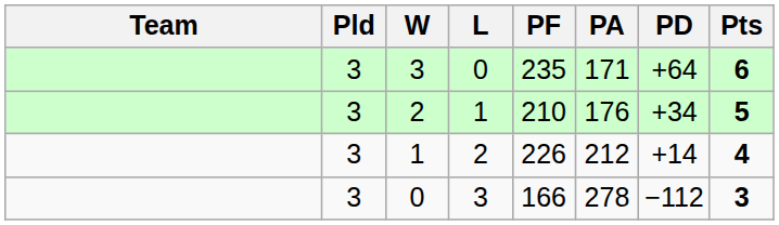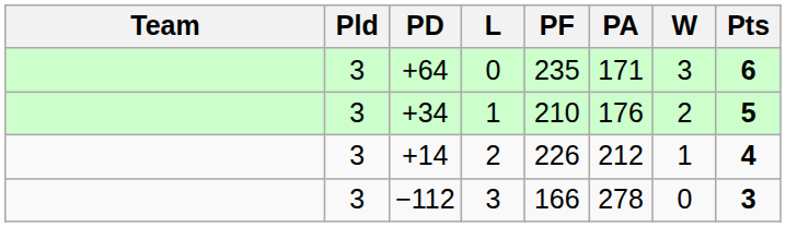 <table class=wikitable style="text-align:center">
 <tr>
 <th width=180>Team</th>
 <th width=30>Pld</th>
-<th width=30>W</th>
+<th width=30>PD</th>
 <th width=30>L</th>
 <th width=30>PF</th>
 <th width=30>PA</th>
-<th width=30>PD</th>
+<th width=30>W</th>
 <th width=30>Pts</th>
 </tr>
 <tr bgcolor="#ccffcc">
 <td align="left"></td>
 <td>3</td>
-<td>3</td>
+<td>+64</td>
 <td>0</td>
 <td>235</td>
 <td>171</td>
-<td>+64</td>
+<td>3</td>
 <td><strong>6</strong></td>
 </tr>
 <tr bgcolor="#ccffcc">
 <td align="left"></td>
 <td>3</td>
-<td>2</td>
+<td>+34</td>
 <td>1</td>
 <td>210</td>
 <td>176</td>
-<td>+34</td>
+<td>2</td>
 <td><strong>5</strong></td>
 </tr>
 <tr>
 <td align="left"></td>
 <td>3</td>
-<td>1</td>
+<td>+14</td>
 <td>2</td>
 <td>226</td>
 <td>212</td>
-<td>+14</td>
+<td>1</td>
 <td><strong>4</strong></td>
 </tr>
 <tr>
 <td align="left"></td>
 <td>3</td>
-<td>0</td>
+<td>−112</td>
 <td>3</td>
 <td>166</td>
 <td>278</td>
-<td>−112</td>
+<td>0</td>
 <td><strong>3</strong></td>
 </tr>
 </table>
